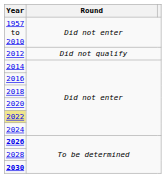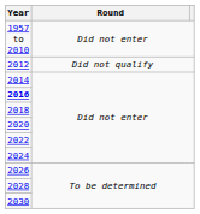 <table class="wikitable" style="text-align: center; font-size:90%">
 <tr>
 <th>Year</th>
 <th style="width:200px">Round</th>
 <th></th>
 </tr>
 <tr>
 <td><a href='#'>1957</a><br>to<br><a href='#'>2010</a></td>
 <td colspan="2"><em>Did not enter</em></td>
 </tr>
 <tr>
 <td><a href='#'>2012</a></td>
 <td colspan="2"><em>Did not qualify</em></td>
 </tr>
 <tr>
 <td><a href='#'>2014</a></td>
 <td colspan="2" rowspan="6"><em>Did not enter</em></td>
 </tr>
 <tr>
-<td><a href='#'>2016</a></td>
+<td><strong><a href='#'>2016</a></strong></td>
 </tr>
 <tr>
 <td><a href='#'>2018</a></td>
 </tr>
 <tr>
 <td><a href='#'>2020</a></td>
 </tr>
 <tr>
-<td style="background: khaki;"><a href='#'>2022</a></td>
+<td><a href='#'>2022</a></td>
 </tr>
 <tr>
 <td><a href='#'>2024</a></td>
 </tr>
 <tr>
-<td><strong><a href='#'>2026</a></strong></td>
+<td><a href='#'>2026</a></td>
 <td colspan="2" rowspan="3"><em>To be determined</em></td>
 </tr>
 <tr>
 <td><a href='#'>2028</a></td>
 </tr>
 <tr>
-<td><strong><a href='#'>2030</a></strong></td>
+<td><a href='#'>2030</a></td>
 </tr>
 </table>
